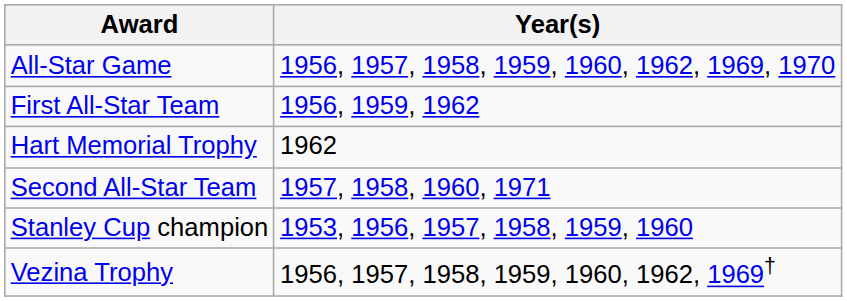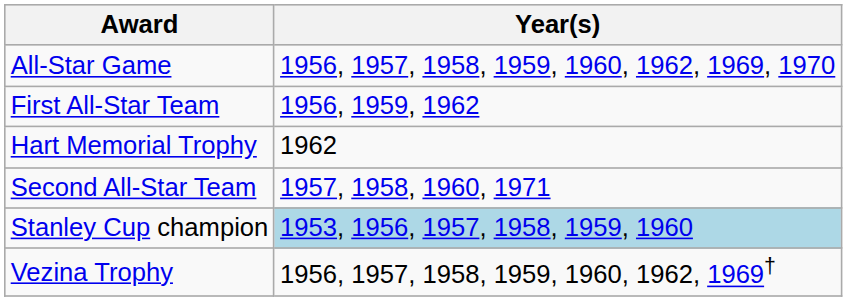 <table class="wikitable">
 <tr>
 <th>Award</th>
 <th>Year(s)</th>
 </tr>
 <tr>
 <td><a href='#'>All-Star Game</a></td>
 <td><a href='#'>1956</a>, <a href='#'>1957</a>, <a href='#'>1958</a>, <a href='#'>1959</a>, <a href='#'>1960</a>, <a href='#'>1962</a>, <a href='#'>1969</a>, <a href='#'>1970</a></td>
 </tr>
 <tr>
 <td><a href='#'>First All-Star Team</a></td>
 <td><a href='#'>1956</a>, <a href='#'>1959</a>, <a href='#'>1962</a></td>
 </tr>
 <tr>
 <td><a href='#'>Hart Memorial Trophy</a></td>
 <td>1962</td>
 </tr>
 <tr>
 <td><a href='#'>Second All-Star Team</a></td>
 <td><a href='#'>1957</a>, <a href='#'>1958</a>, <a href='#'>1960</a>, <a href='#'>1971</a></td>
 </tr>
 <tr>
 <td><a href='#'>Stanley Cup</a> champion</td>
-<td><a href='#'>1953</a>, <a href='#'>1956</a>, <a href='#'>1957</a>, <a href='#'>1958</a>, <a href='#'>1959</a>, <a href='#'>1960</a></td>
+<td style="background: lightblue;"><a href='#'>1953</a>, <a href='#'>1956</a>, <a href='#'>1957</a>, <a href='#'>1958</a>, <a href='#'>1959</a>, <a href='#'>1960</a></td>
 </tr>
 <tr>
 <td><a href='#'>Vezina Trophy</a></td>
 <td>1956, 1957, 1958, 1959, 1960, 1962, <a href='#'>1969</a><sup>†</sup></td>
 </tr>
 </table>
